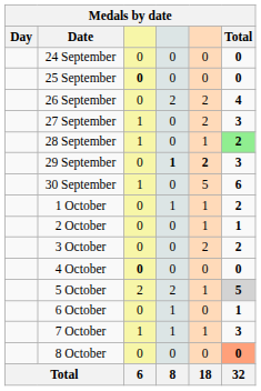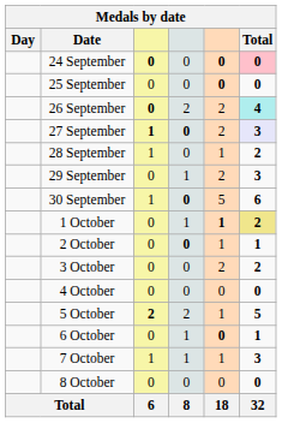 <table class="wikitable sortable" style="font-size:90%;text-align:center">
 <tr>
 <th colspan="6">Medals by date</th>
 </tr>
 <tr>
 <th width="30">Day</th>
 <th width="90">Date</th>
 <th width="30" style="background:#F7F6A8"></th>
 <th width="30" style="background:#DCE5E5"></th>
 <th width="30" style="background:#FFDAB9"></th>
 <th width="30">Total</th>
 </tr>
 <tr>
 <td></td>
 <td>24 September</td>
-<td style="background:#F7F6A8">0</td>
+<td style="background:#F7F6A8"><strong>0</strong></td>
 <td style="background:#DCE5E5">0</td>
-<td style="background:#FFDAB9">0</td>
-<td><strong>0</strong></td>
+<td style="background:#FFDAB9"><strong>0</strong></td>
+<td style="background: pink;"><strong>0</strong></td>
 </tr>
 <tr>
 <td></td>
 <td>25 September</td>
-<td style="background:#F7F6A8"><strong>0</strong></td>
+<td style="background:#F7F6A8">0</td>
 <td style="background:#DCE5E5">0</td>
-<td style="background:#FFDAB9">0</td>
+<td style="background:#FFDAB9"><strong>0</strong></td>
 <td><strong>0</strong></td>
 </tr>
 <tr>
 <td></td>
 <td>26 September</td>
-<td style="background:#F7F6A8">0</td>
+<td style="background:#F7F6A8"><strong>0</strong></td>
 <td style="background:#DCE5E5">2</td>
 <td style="background:#FFDAB9">2</td>
-<td><strong>4</strong></td>
+<td style="background: paleturquoise;"><strong>4</strong></td>
 </tr>
 <tr>
 <td></td>
 <td>27 September</td>
-<td style="background:#F7F6A8">1</td>
-<td style="background:#DCE5E5">0</td>
+<td style="background:#F7F6A8"><strong>1</strong></td>
+<td style="background:#DCE5E5"><strong>0</strong></td>
 <td style="background:#FFDAB9">2</td>
-<td><strong>3</strong></td>
+<td style="background: lavender;"><strong>3</strong></td>
 </tr>
 <tr>
 <td></td>
 <td>28 September</td>
 <td style="background:#F7F6A8">1</td>
 <td style="background:#DCE5E5">0</td>
 <td style="background:#FFDAB9">1</td>
-<td style="background: lightgreen;"><strong>2</strong></td>
+<td><strong>2</strong></td>
 </tr>
 <tr>
 <td></td>
 <td>29 September</td>
 <td style="background:#F7F6A8">0</td>
-<td style="background:#DCE5E5"><strong>1</strong></td>
-<td style="background:#FFDAB9"><strong>2</strong></td>
+<td style="background:#DCE5E5">1</td>
+<td style="background:#FFDAB9">2</td>
 <td><strong>3</strong></td>
 </tr>
 <tr>
 <td></td>
 <td>30 September</td>
 <td style="background:#F7F6A8">1</td>
-<td style="background:#DCE5E5">0</td>
+<td style="background:#DCE5E5"><strong>0</strong></td>
 <td style="background:#FFDAB9">5</td>
 <td><strong>6</strong></td>
 </tr>
 <tr>
 <td></td>
 <td>1 October</td>
 <td style="background:#F7F6A8">0</td>
 <td style="background:#DCE5E5">1</td>
-<td style="background:#FFDAB9">1</td>
-<td><strong>2</strong></td>
+<td style="background:#FFDAB9"><strong>1</strong></td>
+<td style="background: khaki;"><strong>2</strong></td>
 </tr>
 <tr>
 <td></td>
 <td>2 October</td>
 <td style="background:#F7F6A8">0</td>
-<td style="background:#DCE5E5">0</td>
+<td style="background:#DCE5E5"><strong>0</strong></td>
 <td style="background:#FFDAB9">1</td>
 <td><strong>1</strong></td>
 </tr>
 <tr>
 <td></td>
 <td>3 October</td>
 <td style="background:#F7F6A8">0</td>
 <td style="background:#DCE5E5">0</td>
 <td style="background:#FFDAB9">2</td>
 <td><strong>2</strong></td>
 </tr>
 <tr>
 <td></td>
 <td>4 October</td>
-<td style="background:#F7F6A8"><strong>0</strong></td>
+<td style="background:#F7F6A8">0</td>
 <td style="background:#DCE5E5">0</td>
 <td style="background:#FFDAB9">0</td>
 <td><strong>0</strong></td>
 </tr>
 <tr>
 <td></td>
 <td>5 October</td>
-<td style="background:#F7F6A8">2</td>
+<td style="background:#F7F6A8"><strong>2</strong></td>
 <td style="background:#DCE5E5">2</td>
 <td style="background:#FFDAB9">1</td>
-<td style="background: lightgrey;"><strong>5</strong></td>
+<td><strong>5</strong></td>
 </tr>
 <tr>
 <td></td>
 <td>6 October</td>
 <td style="background:#F7F6A8">0</td>
 <td style="background:#DCE5E5">1</td>
-<td style="background:#FFDAB9">0</td>
+<td style="background:#FFDAB9"><strong>0</strong></td>
 <td><strong>1</strong></td>
 </tr>
 <tr>
 <td></td>
 <td>7 October</td>
 <td style="background:#F7F6A8">1</td>
 <td style="background:#DCE5E5">1</td>
 <td style="background:#FFDAB9">1</td>
 <td><strong>3</strong></td>
 </tr>
 <tr>
 <td></td>
 <td>8 October</td>
 <td style="background:#F7F6A8">0</td>
 <td style="background:#DCE5E5">0</td>
 <td style="background:#FFDAB9">0</td>
-<td style="background: lightsalmon;"><strong>0</strong></td>
+<td><strong>0</strong></td>
 </tr>
 <tr>
 <th colspan="2">Total</th>
 <th>6</th>
 <th>8</th>
 <th>18</th>
 <th>32</th>
 </tr>
 </table>
